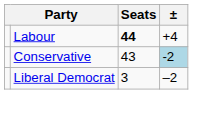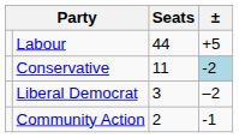 <table class="wikitable">
 <tr>
 <th colspan="2">Party</th>
 <th>Seats</th>
 <th>  ±  </th>
 </tr>
 <tr>
 <td style="background-color: "></td>
 <td><a href='#'>Labour</a></td>
-<td><strong>44</strong></td>
-<td>+4</td>
+<td>44</td>
+<td>+5</td>
 </tr>
 <tr>
 <td style="background-color: "></td>
 <td><a href='#'>Conservative</a></td>
-<td>43</td>
+<td>11</td>
 <td style="background: lightblue;">-2</td>
 </tr>
 <tr>
 <td style="background-color: "></td>
 <td><a href='#'>Liberal Democrat</a></td>
 <td>3</td>
 <td>–2</td>
 </tr>
+<tr>
+<td style="background-color: "></td>
+<td><a href='#'>Community Action</a></td>
+<td>2</td>
+<td>-1</td>
+</tr>
 </table>
